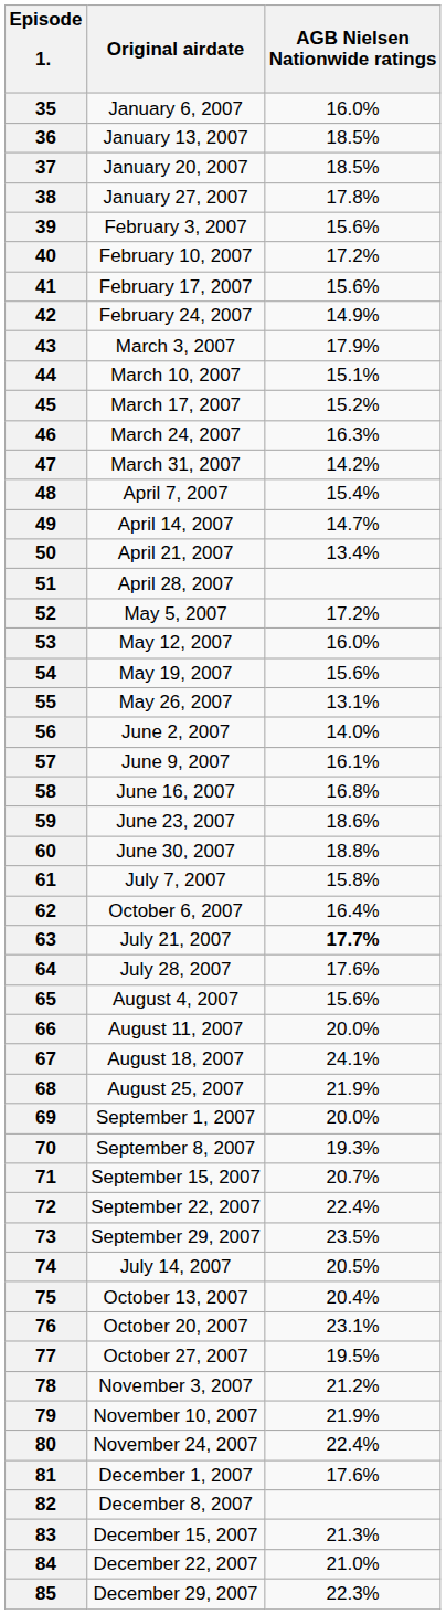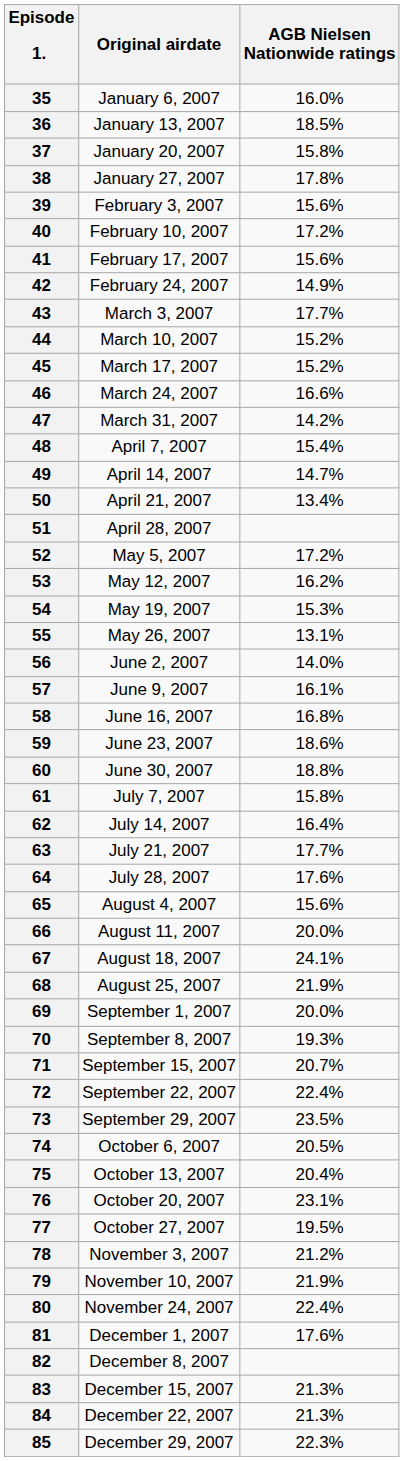 <table class=wikitable style="text-align:center">
 <tr>
 <th>Episode<br><ol><li></li></ol></th>
 <th>Original airdate</th>
 <th>AGB Nielsen<br>Nationwide ratings</th>
 </tr>
 <tr>
 <th>35</th>
 <td>January 6, 2007</td>
 <td>16.0%</td>
 </tr>
 <tr>
 <th>36</th>
 <td>January 13, 2007</td>
 <td>18.5%</td>
 </tr>
 <tr>
 <th>37</th>
 <td>January 20, 2007</td>
-<td>18.5%</td>
+<td>15.8%</td>
 </tr>
 <tr>
 <th>38</th>
 <td>January 27, 2007</td>
 <td>17.8%</td>
 </tr>
 <tr>
 <th>39</th>
 <td>February 3, 2007</td>
 <td>15.6%</td>
 </tr>
 <tr>
 <th>40</th>
 <td>February 10, 2007</td>
 <td>17.2%</td>
 </tr>
 <tr>
 <th>41</th>
 <td>February 17, 2007</td>
 <td>15.6%</td>
 </tr>
 <tr>
 <th>42</th>
 <td>February 24, 2007</td>
 <td>14.9%</td>
 </tr>
 <tr>
 <th>43</th>
 <td>March 3, 2007</td>
-<td>17.9%</td>
+<td>17.7%</td>
 </tr>
 <tr>
 <th>44</th>
 <td>March 10, 2007</td>
-<td>15.1%</td>
+<td>15.2%</td>
 </tr>
 <tr>
 <th>45</th>
 <td>March 17, 2007</td>
 <td>15.2%</td>
 </tr>
 <tr>
 <th>46</th>
 <td>March 24, 2007</td>
-<td>16.3%</td>
+<td>16.6%</td>
 </tr>
 <tr>
 <th>47</th>
 <td>March 31, 2007</td>
 <td>14.2%</td>
 </tr>
 <tr>
 <th>48</th>
 <td>April 7, 2007</td>
 <td>15.4%</td>
 </tr>
 <tr>
 <th>49</th>
 <td>April 14, 2007</td>
 <td>14.7%</td>
 </tr>
 <tr>
 <th>50</th>
 <td>April 21, 2007</td>
 <td>13.4%</td>
 </tr>
 <tr>
 <th>51</th>
 <td>April 28, 2007</td>
 <td></td>
 </tr>
 <tr>
 <th>52</th>
 <td>May 5, 2007</td>
 <td>17.2%</td>
 </tr>
 <tr>
 <th>53</th>
 <td>May 12, 2007</td>
-<td>16.0%</td>
+<td>16.2%</td>
 </tr>
 <tr>
 <th>54</th>
 <td>May 19, 2007</td>
-<td>15.6%</td>
+<td>15.3%</td>
 </tr>
 <tr>
 <th>55</th>
 <td>May 26, 2007</td>
 <td>13.1%</td>
 </tr>
 <tr>
 <th>56</th>
 <td>June 2, 2007</td>
 <td>14.0%</td>
 </tr>
 <tr>
 <th>57</th>
 <td>June 9, 2007</td>
 <td>16.1%</td>
 </tr>
 <tr>
 <th>58</th>
 <td>June 16, 2007</td>
 <td>16.8%</td>
 </tr>
 <tr>
 <th>59</th>
 <td>June 23, 2007</td>
 <td>18.6%</td>
 </tr>
 <tr>
 <th>60</th>
 <td>June 30, 2007</td>
 <td>18.8%</td>
 </tr>
 <tr>
 <th>61</th>
 <td>July 7, 2007</td>
 <td>15.8%</td>
 </tr>
 <tr>
 <th>62</th>
-<td>October 6, 2007</td>
+<td>July 14, 2007</td>
 <td>16.4%</td>
 </tr>
 <tr>
 <th>63</th>
 <td>July 21, 2007</td>
-<td><strong>17.7%</strong></td>
+<td>17.7%</td>
 </tr>
 <tr>
 <th>64</th>
 <td>July 28, 2007</td>
 <td>17.6%</td>
 </tr>
 <tr>
 <th>65</th>
 <td>August 4, 2007</td>
 <td>15.6%</td>
 </tr>
 <tr>
 <th>66</th>
 <td>August 11, 2007</td>
 <td>20.0%</td>
 </tr>
 <tr>
 <th>67</th>
 <td>August 18, 2007</td>
 <td>24.1%</td>
 </tr>
 <tr>
 <th>68</th>
 <td>August 25, 2007</td>
 <td>21.9%</td>
 </tr>
 <tr>
 <th>69</th>
 <td>September 1, 2007</td>
 <td>20.0%</td>
 </tr>
 <tr>
 <th>70</th>
 <td>September 8, 2007</td>
 <td>19.3%</td>
 </tr>
 <tr>
 <th>71</th>
 <td>September 15, 2007</td>
 <td>20.7%</td>
 </tr>
 <tr>
 <th>72</th>
 <td>September 22, 2007</td>
 <td>22.4%</td>
 </tr>
 <tr>
 <th>73</th>
 <td>September 29, 2007</td>
 <td>23.5%</td>
 </tr>
 <tr>
 <th>74</th>
-<td>July 14, 2007</td>
+<td>October 6, 2007</td>
 <td>20.5%</td>
 </tr>
 <tr>
 <th>75</th>
 <td>October 13, 2007</td>
 <td>20.4%</td>
 </tr>
 <tr>
 <th>76</th>
 <td>October 20, 2007</td>
 <td>23.1%</td>
 </tr>
 <tr>
 <th>77</th>
 <td>October 27, 2007</td>
 <td>19.5%</td>
 </tr>
 <tr>
 <th>78</th>
 <td>November 3, 2007</td>
 <td>21.2%</td>
 </tr>
 <tr>
 <th>79</th>
 <td>November 10, 2007</td>
 <td>21.9%</td>
 </tr>
 <tr>
 <th>80</th>
 <td>November 24, 2007</td>
 <td>22.4%</td>
 </tr>
 <tr>
 <th>81</th>
 <td>December 1, 2007</td>
 <td>17.6%</td>
 </tr>
 <tr>
 <th>82</th>
 <td>December 8, 2007</td>
 <td></td>
 </tr>
 <tr>
 <th>83</th>
 <td>December 15, 2007</td>
 <td>21.3%</td>
 </tr>
 <tr>
 <th>84</th>
 <td>December 22, 2007</td>
-<td>21.0%</td>
+<td>21.3%</td>
 </tr>
 <tr>
 <th>85</th>
 <td>December 29, 2007</td>
 <td>22.3%</td>
 </tr>
 </table>
